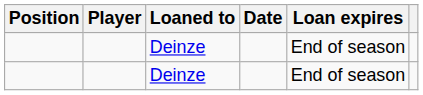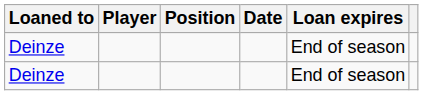 <table class="wikitable sortable">
 <tr>
+<th>Loaned to</th>
+<th>Player</th>
 <th>Position</th>
-<th>Player</th>
-<th>Loaned to</th>
 <th>Date</th>
 <th>Loan expires</th>
 <th class="unsortable"></th>
 </tr>
 <tr>
+<td> <a href='#'>Deinze</a></td>
 <td></td>
 <td></td>
-<td> <a href='#'>Deinze</a></td>
 <td></td>
 <td>End of season</td>
 <td></td>
 </tr>
 <tr>
+<td> <a href='#'>Deinze</a></td>
 <td></td>
 <td></td>
-<td> <a href='#'>Deinze</a></td>
 <td></td>
 <td>End of season</td>
 <td></td>
 </tr>
 </table>
